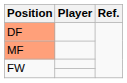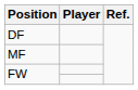 <table class="wikitable">
 <tr>
 <th>Position</th>
 <th>Player</th>
 <th>Ref.</th>
 </tr>
 <tr>
-<td style="background: lightsalmon;">DF</td>
+<td>DF</td>
 <td></td>
 <td rowspan="4"></td>
 </tr>
 <tr>
-<td style="background: lightsalmon;">MF</td>
+<td>MF</td>
 <td></td>
 </tr>
 <tr>
 <td rowspan="2">FW</td>
 <td></td>
 </tr>
 <tr>
 <td></td>
 </tr>
 </table>
